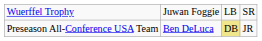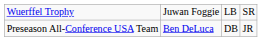 <table class="wikitable">
 <tr>
 <td><a href='#'>Wuerffel Trophy</a></td>
 <td>Juwan Foggie</td>
 <td>LB</td>
 <td>SR</td>
 </tr>
 <tr>
 <td>Preseason All-<a href='#'>Conference USA</a> Team</td>
 <td><a href='#'>Ben DeLuca</a></td>
-<td style="background: khaki;">DB</td>
+<td>DB</td>
 <td>JR</td>
 </tr>
 </table>
